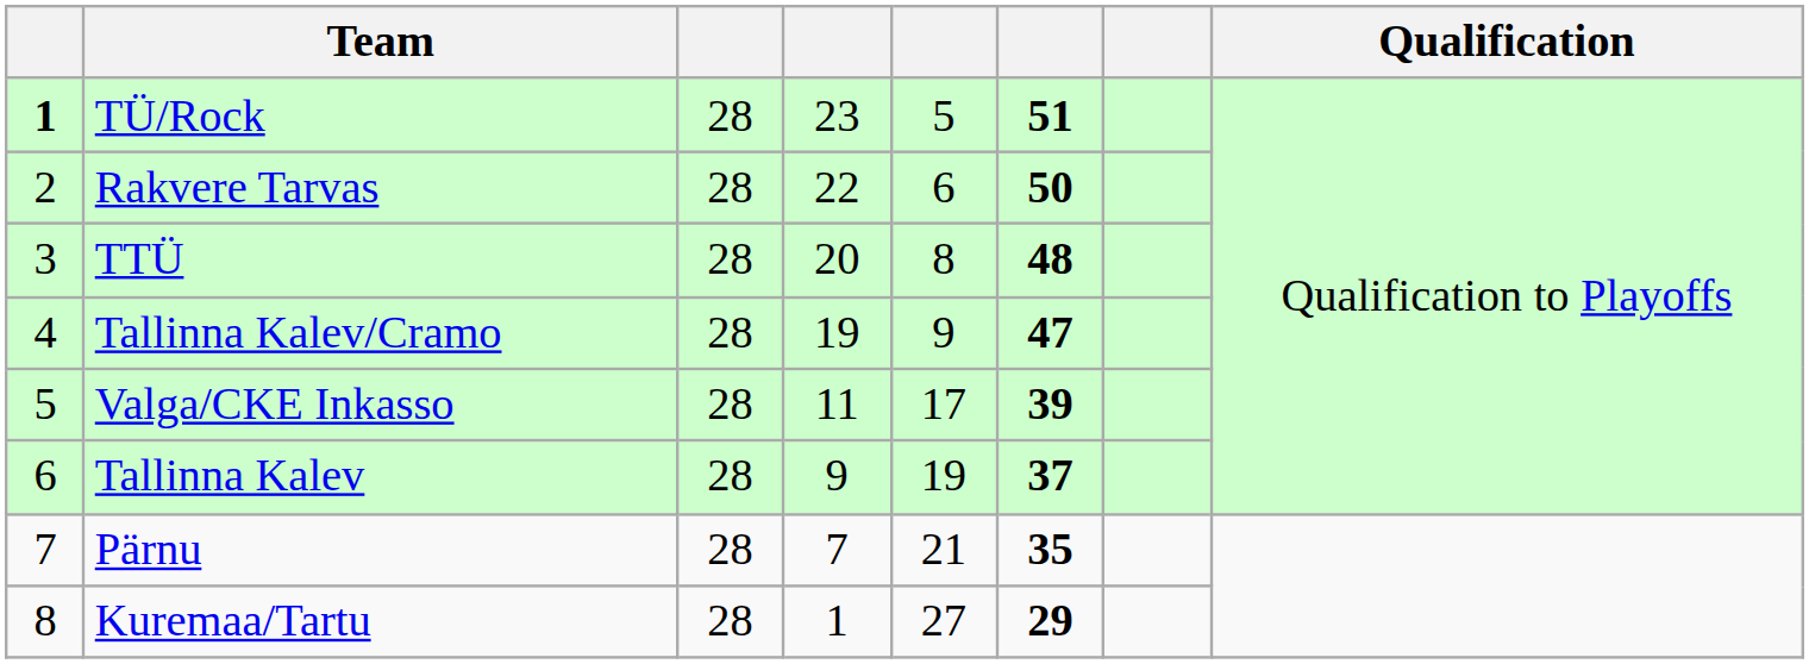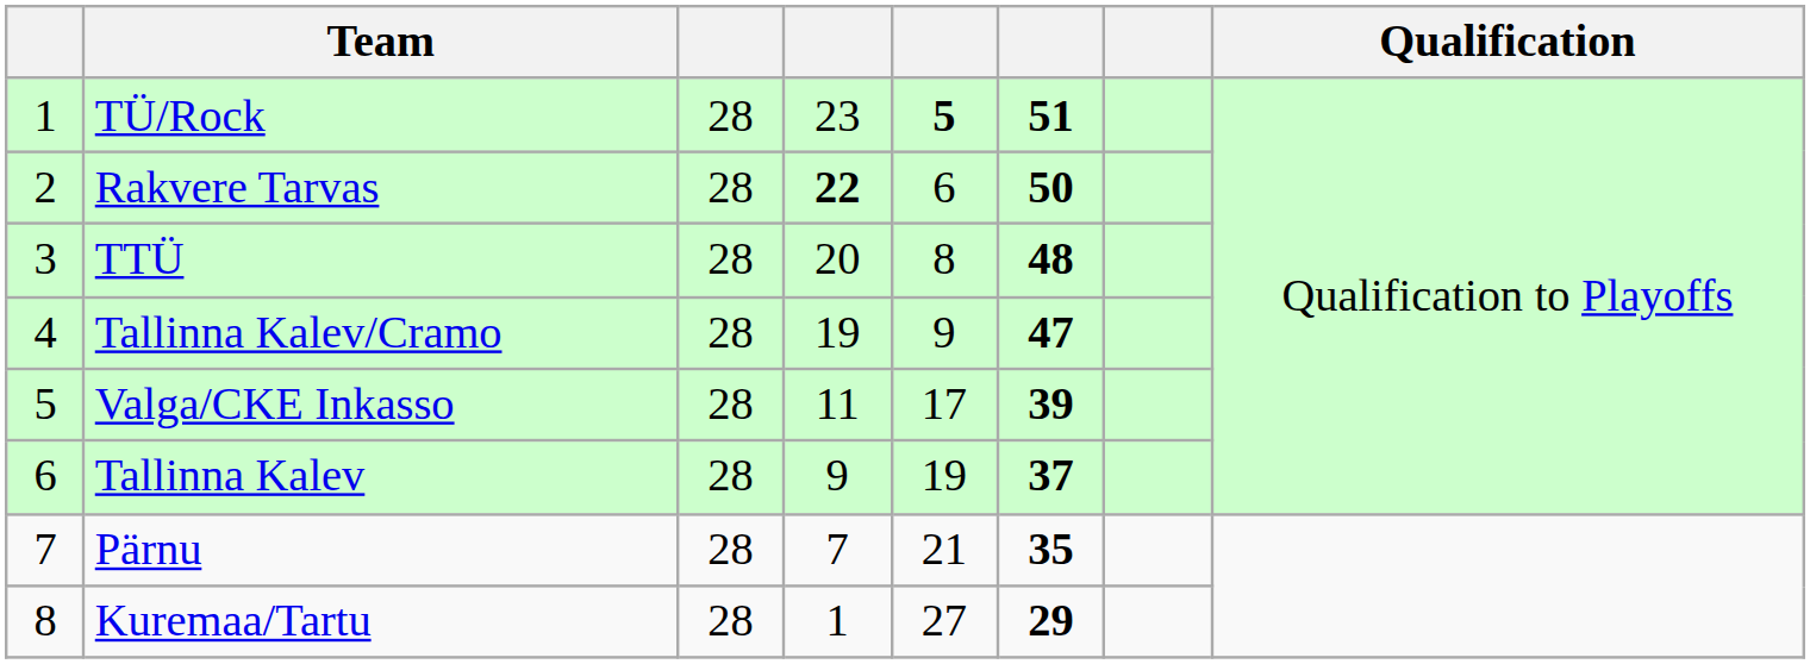 <table class="wikitable" style="text-align: center;">
 <tr>
 <th width=20></th>
 <th width=200>Team</th>
 <th width=30></th>
 <th width=30></th>
 <th width=30></th>
 <th width=30></th>
 <th width=30></th>
 <th width=200>Qualification</th>
 </tr>
 <tr bgcolor=#ccffcc>
-<td><strong>1</strong></td>
+<td>1</td>
 <td align="left"><a href='#'>TÜ/Rock</a></td>
 <td>28</td>
 <td>23</td>
-<td>5</td>
+<td><strong>5</strong></td>
 <td><strong>51</strong></td>
 <td></td>
 <td rowspan=6 align="center">Qualification to <a href='#'>Playoffs</a></td>
 </tr>
 <tr bgcolor=#ccffcc>
 <td>2</td>
 <td align="left"><a href='#'>Rakvere Tarvas</a></td>
 <td>28</td>
-<td>22</td>
+<td><strong>22</strong></td>
 <td>6</td>
 <td><strong>50</strong></td>
 <td></td>
 </tr>
 <tr bgcolor=#ccffcc>
 <td>3</td>
 <td align="left"><a href='#'>TTÜ</a></td>
 <td>28</td>
 <td>20</td>
 <td>8</td>
 <td><strong>48</strong></td>
 <td></td>
 </tr>
 <tr bgcolor=#ccffcc>
 <td>4</td>
 <td align="left"><a href='#'>Tallinna Kalev/Cramo</a></td>
 <td>28</td>
 <td>19</td>
 <td>9</td>
 <td><strong>47</strong></td>
 <td></td>
 </tr>
 <tr bgcolor=#ccffcc>
 <td>5</td>
 <td align="left"><a href='#'>Valga/CKE Inkasso</a></td>
 <td>28</td>
 <td>11</td>
 <td>17</td>
 <td><strong>39</strong></td>
 <td></td>
 </tr>
 <tr bgcolor=#ccffcc>
 <td>6</td>
 <td align="left"><a href='#'>Tallinna Kalev</a></td>
 <td>28</td>
 <td>9</td>
 <td>19</td>
 <td><strong>37</strong></td>
 <td></td>
 </tr>
 <tr bgcolor=>
 <td>7</td>
 <td align="left"><a href='#'>Pärnu</a></td>
 <td>28</td>
 <td>7</td>
 <td>21</td>
 <td><strong>35</strong></td>
 <td></td>
 <td rowspan=2 align"center"></td>
 </tr>
 <tr bgcolor=>
 <td>8</td>
 <td align="left"><a href='#'>Kuremaa/Tartu</a></td>
 <td>28</td>
 <td>1</td>
 <td>27</td>
 <td><strong>29</strong></td>
 <td></td>
 </tr>
 </table>
